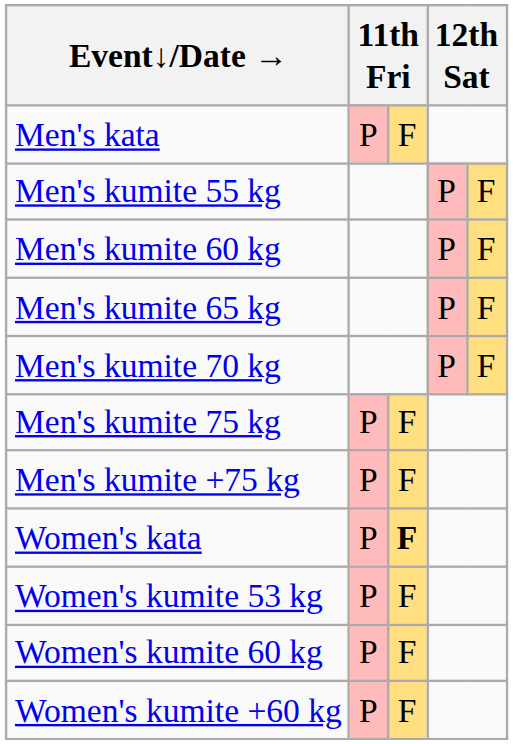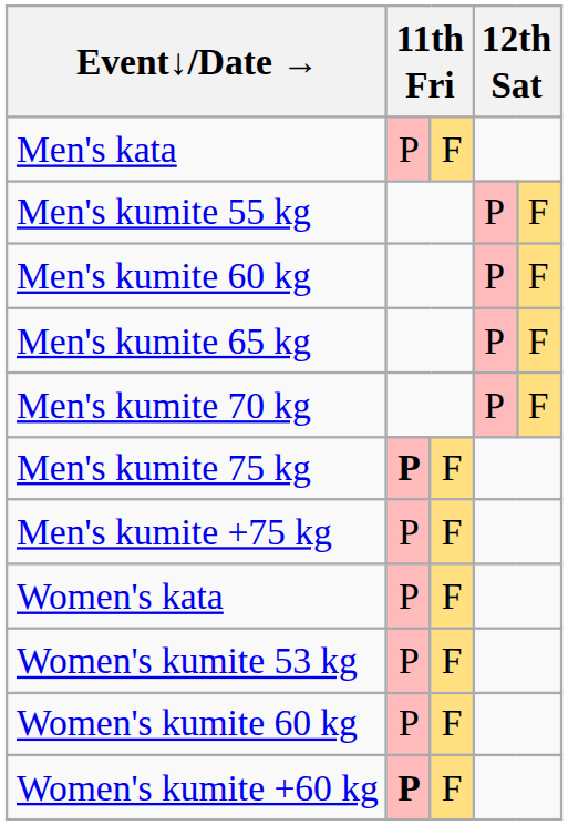 <table class="wikitable" style="margin:0.5em auto; font-size:90%; line-height:1.25em; text-align:center;">
 <tr>
 <th>Event↓/Date →</th>
 <th colspan=2>11th<br>Fri</th>
 <th colspan=2>12th<br>Sat</th>
 </tr>
 <tr>
 <td align="left"><a href='#'>Men's kata</a></td>
 <td bgcolor="#FFBBBB">P</td>
 <td bgcolor="#FFDF80">F</td>
 <td colspan=2></td>
 </tr>
 <tr>
 <td align="left"><a href='#'>Men's kumite 55 kg</a></td>
 <td colspan=2></td>
 <td bgcolor="#FFBBBB">P</td>
 <td bgcolor="#FFDF80">F</td>
 </tr>
 <tr>
 <td align="left"><a href='#'>Men's kumite 60 kg</a></td>
 <td colspan=2></td>
 <td bgcolor="#FFBBBB">P</td>
 <td bgcolor="#FFDF80">F</td>
 </tr>
 <tr>
 <td align="left"><a href='#'>Men's kumite 65 kg</a></td>
 <td colspan=2></td>
 <td bgcolor="#FFBBBB">P</td>
 <td bgcolor="#FFDF80">F</td>
 </tr>
 <tr>
 <td align="left"><a href='#'>Men's kumite 70 kg</a></td>
 <td colspan=2></td>
 <td bgcolor="#FFBBBB">P</td>
 <td bgcolor="#FFDF80">F</td>
 </tr>
 <tr>
 <td align="left"><a href='#'>Men's kumite 75 kg</a></td>
-<td bgcolor="#FFBBBB">P</td>
+<td bgcolor="#FFBBBB"><strong>P</strong></td>
 <td bgcolor="#FFDF80">F</td>
 <td colspan=2></td>
 </tr>
 <tr>
 <td align="left"><a href='#'>Men's kumite +75 kg</a></td>
 <td bgcolor="#FFBBBB">P</td>
 <td bgcolor="#FFDF80">F</td>
 <td colspan=2></td>
 </tr>
 <tr>
 <td align="left"><a href='#'>Women's kata</a></td>
 <td bgcolor="#FFBBBB">P</td>
-<td bgcolor="#FFDF80"><strong>F</strong></td>
+<td bgcolor="#FFDF80">F</td>
 <td colspan=2></td>
 </tr>
 <tr>
 <td align="left"><a href='#'>Women's kumite 53 kg</a></td>
 <td bgcolor="#FFBBBB">P</td>
 <td bgcolor="#FFDF80">F</td>
 <td colspan=2></td>
 </tr>
 <tr>
 <td align="left"><a href='#'>Women's kumite 60 kg</a></td>
 <td bgcolor="#FFBBBB">P</td>
 <td bgcolor="#FFDF80">F</td>
 <td colspan=2></td>
 </tr>
 <tr>
 <td align="left"><a href='#'>Women's kumite +60 kg</a></td>
-<td bgcolor="#FFBBBB">P</td>
+<td bgcolor="#FFBBBB"><strong>P</strong></td>
 <td bgcolor="#FFDF80">F</td>
 <td colspan=2></td>
 </tr>
 </table>
